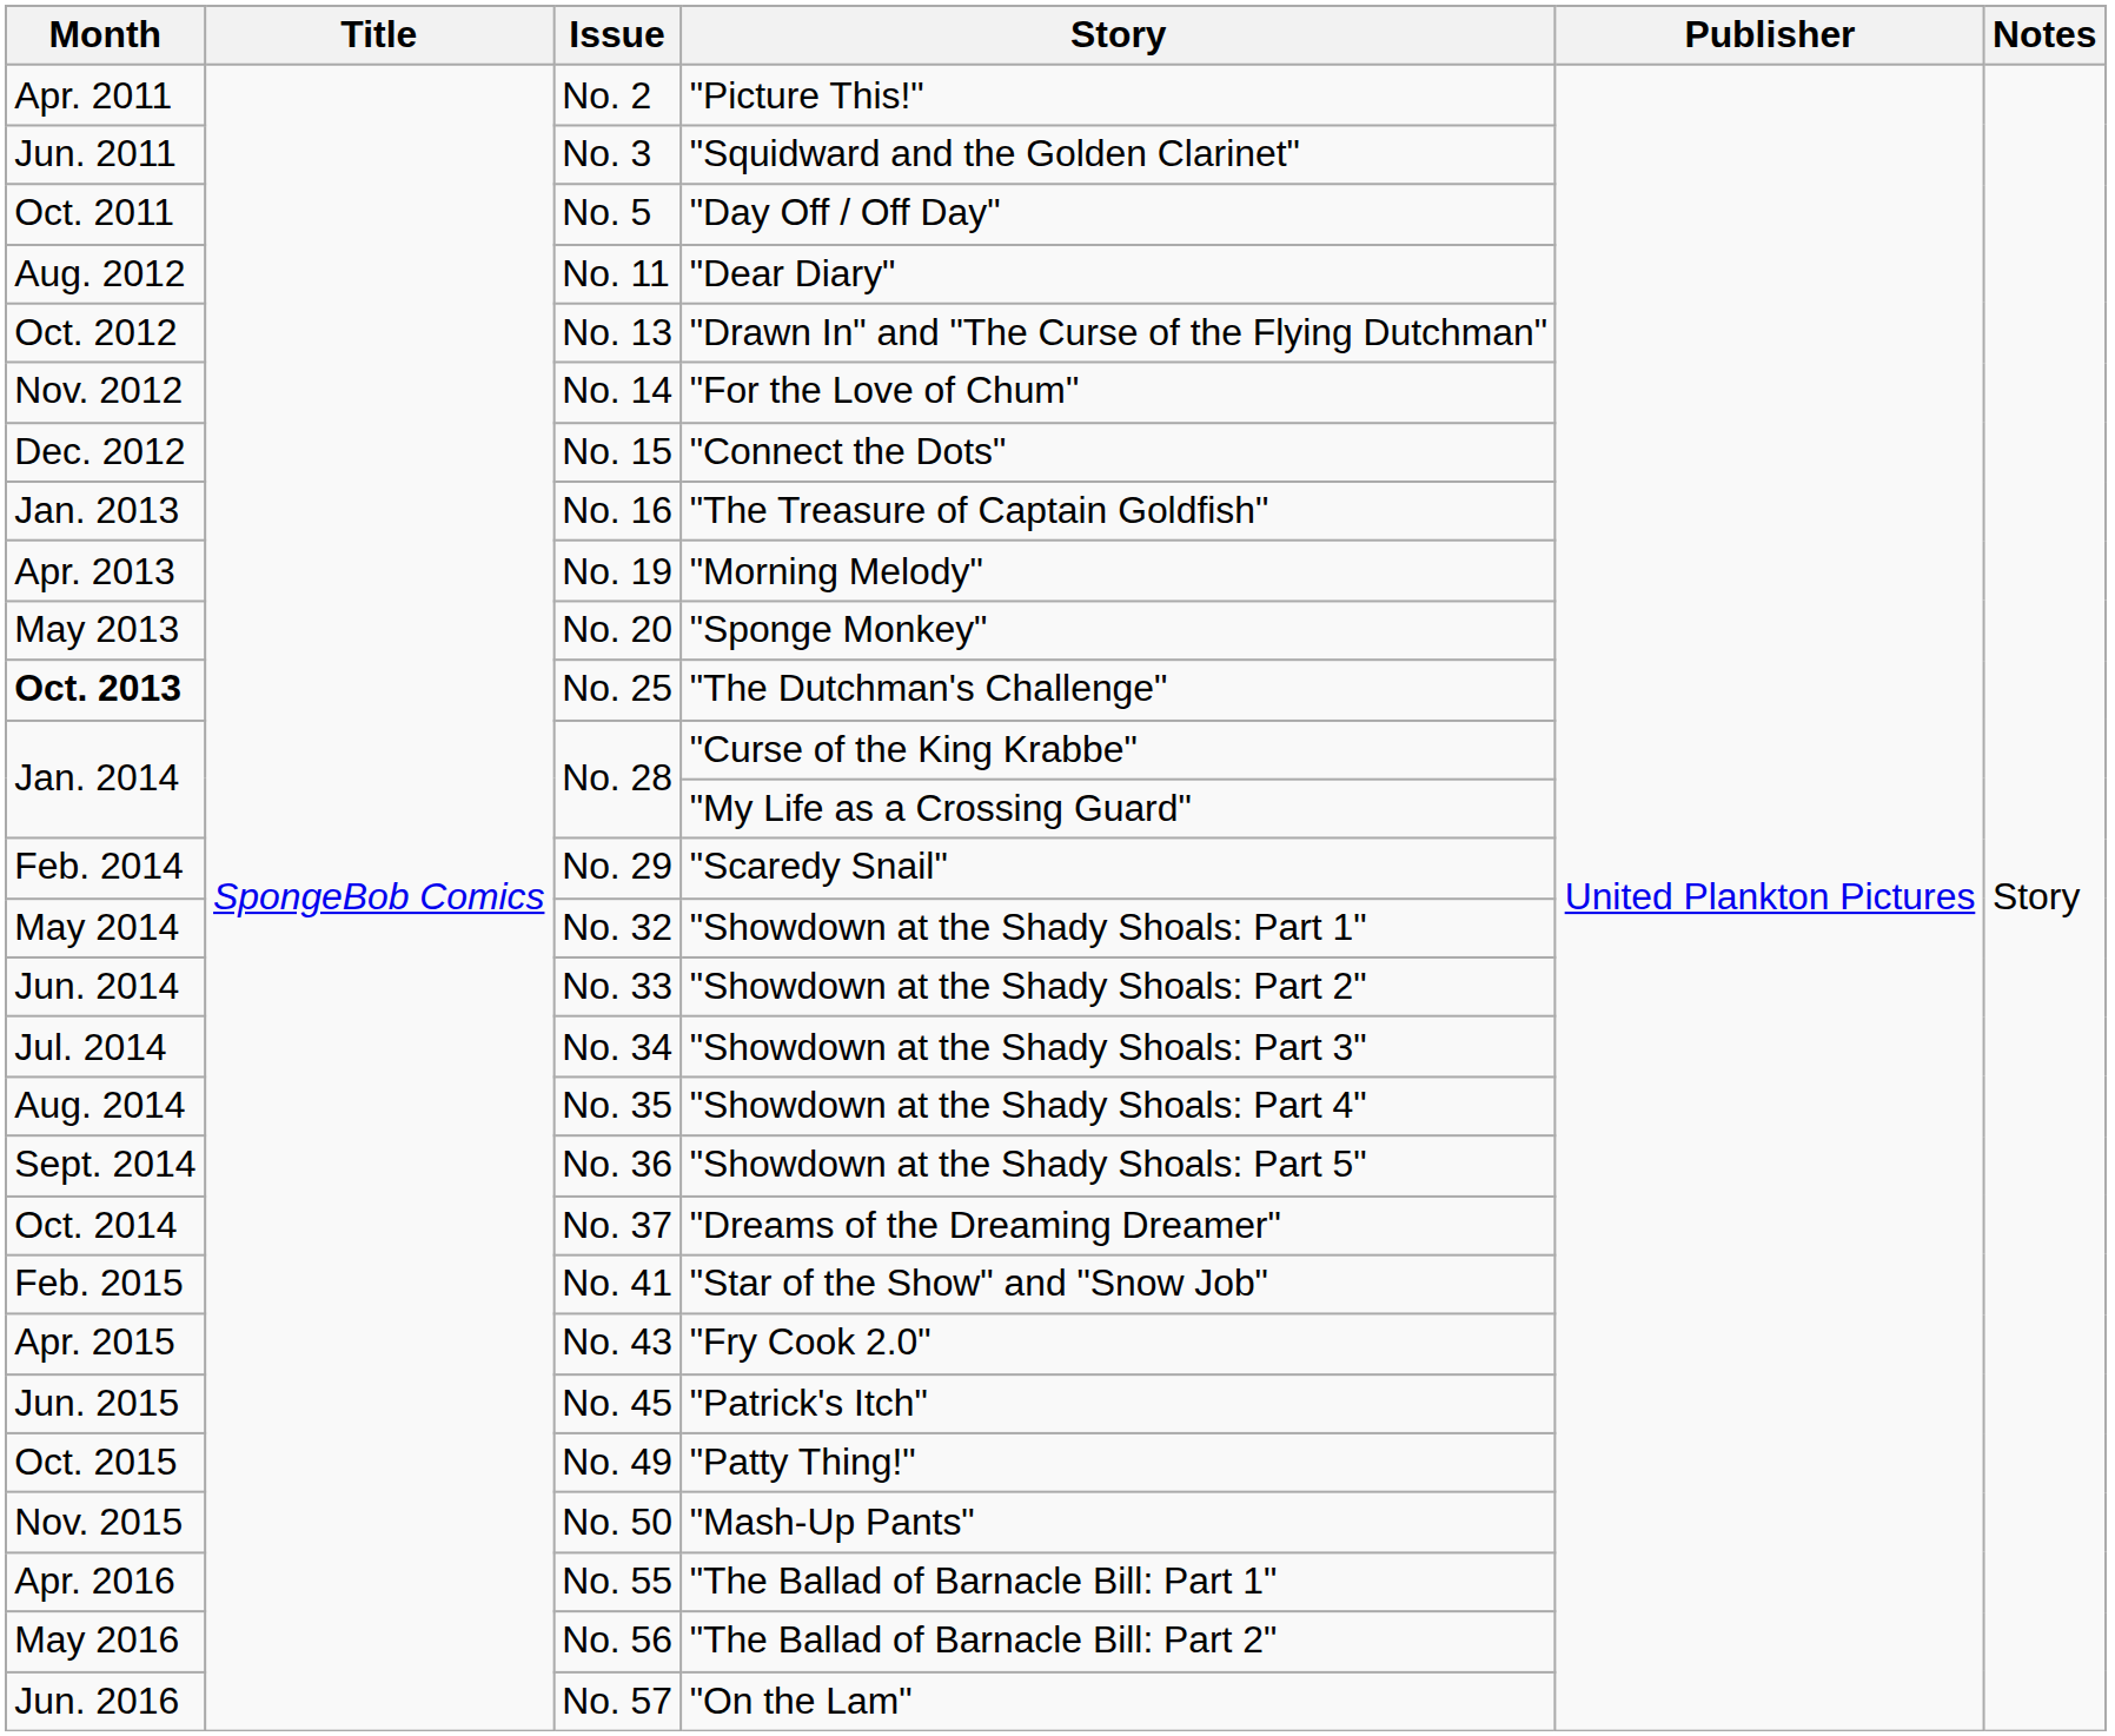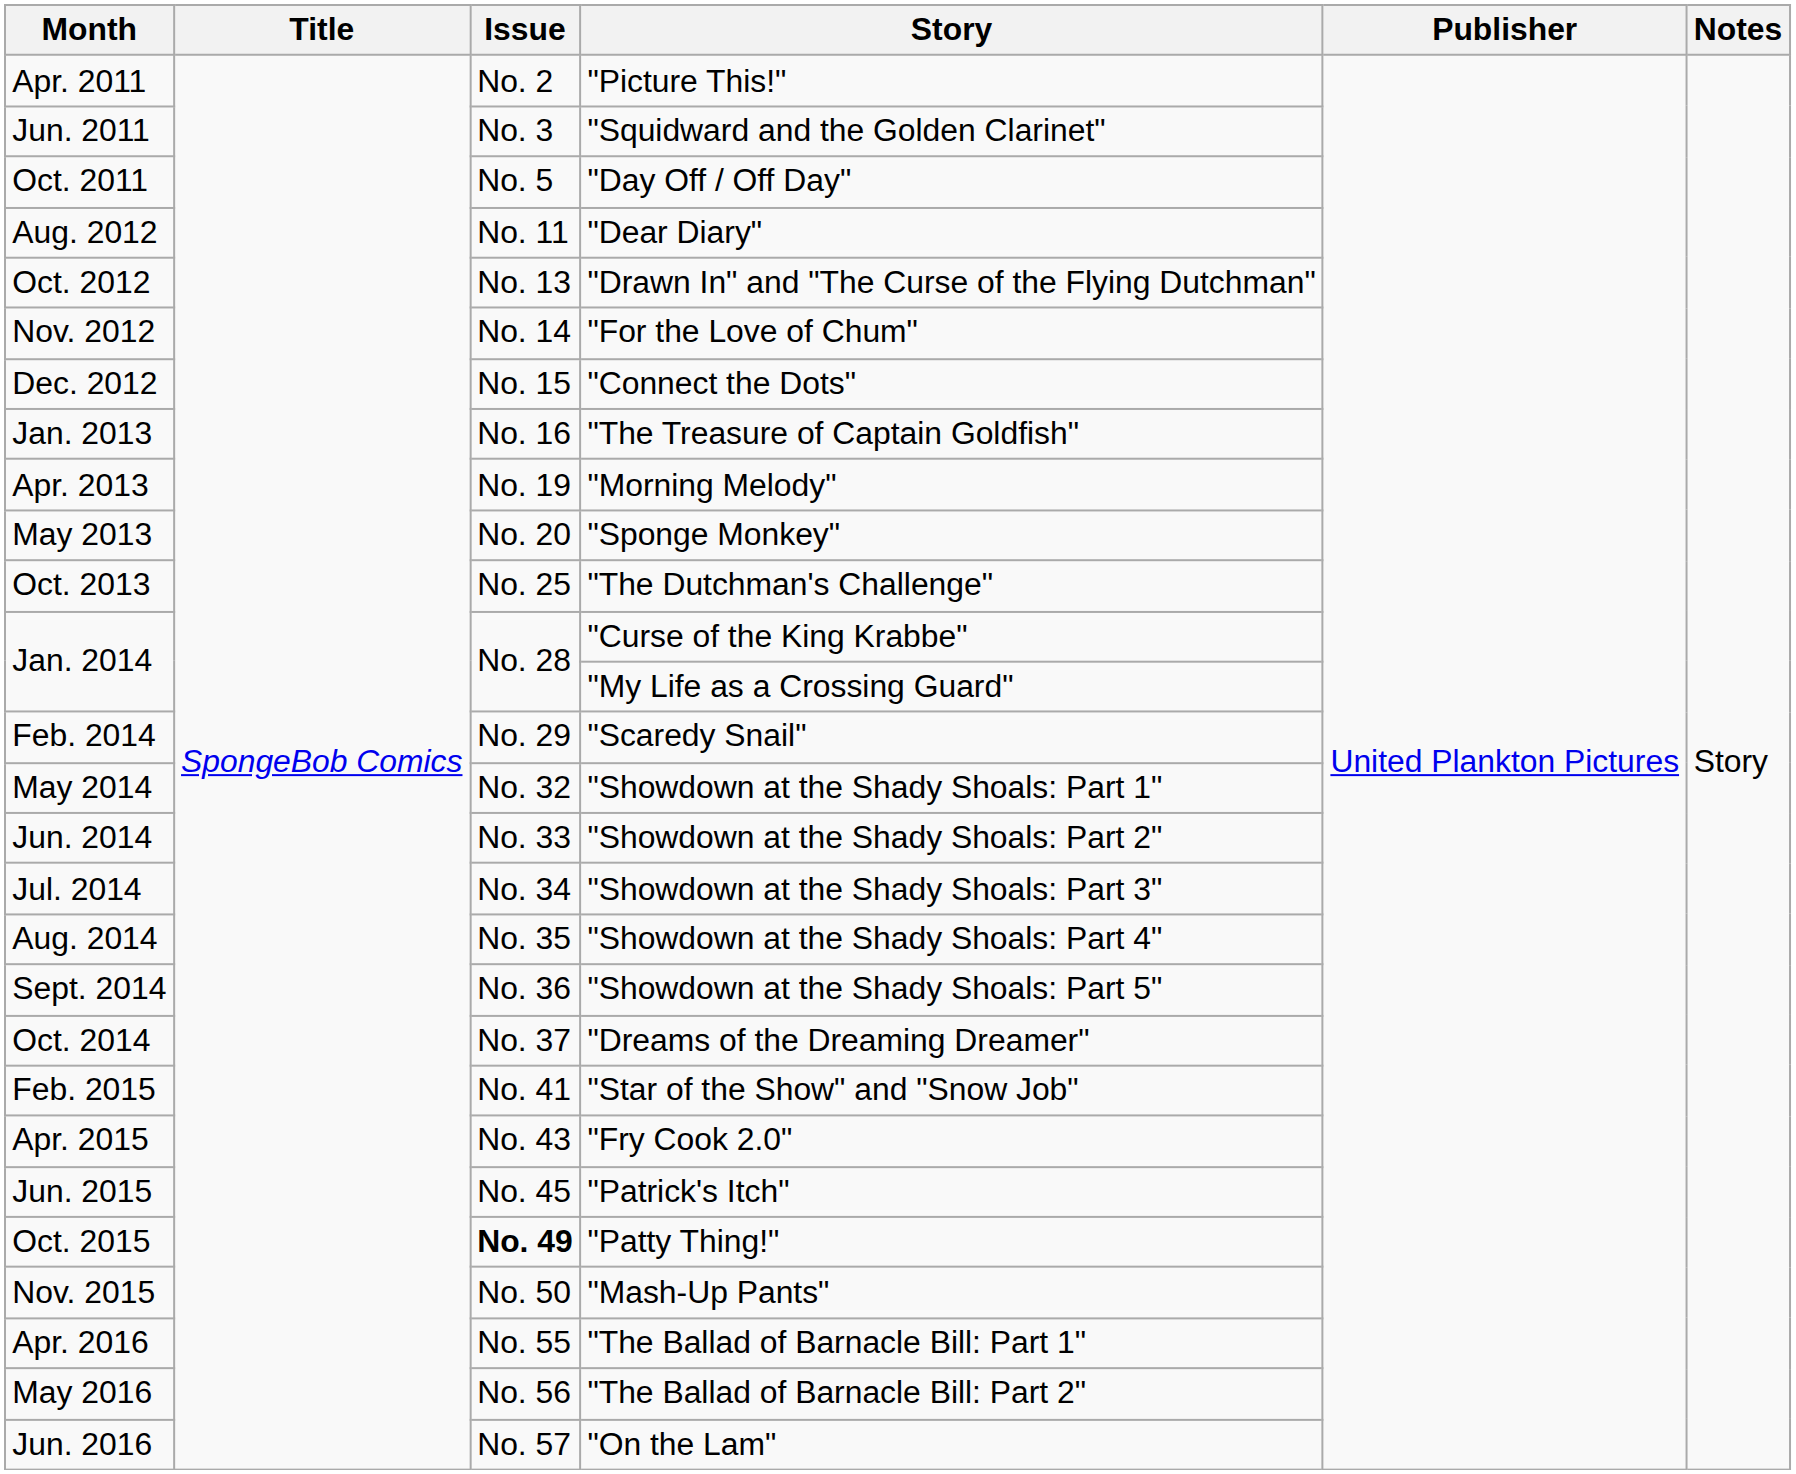 <table class="wikitable sortable">
 <tr>
 <th>Month</th>
 <th>Title</th>
 <th>Issue</th>
 <th>Story</th>
 <th>Publisher</th>
 <th>Notes</th>
 </tr>
 <tr>
 <td>Apr. 2011</td>
 <td rowspan="28"><em><a href='#'>SpongeBob Comics</a></em></td>
 <td>No. 2</td>
 <td>"Picture This!"</td>
 <td rowspan="28"><a href='#'>United Plankton Pictures</a></td>
 <td rowspan="28">Story</td>
 </tr>
 <tr>
 <td>Jun. 2011</td>
 <td>No. 3</td>
 <td>"Squidward and the Golden Clarinet"</td>
 </tr>
 <tr>
 <td>Oct. 2011</td>
 <td>No. 5</td>
 <td>"Day Off / Off Day"</td>
 </tr>
 <tr>
 <td>Aug. 2012</td>
 <td>No. 11</td>
 <td>"Dear Diary"</td>
 </tr>
 <tr>
 <td>Oct. 2012</td>
 <td>No. 13</td>
 <td>"Drawn In" and "The Curse of the Flying Dutchman"</td>
 </tr>
 <tr>
 <td>Nov. 2012</td>
 <td>No. 14</td>
 <td>"For the Love of Chum"</td>
 </tr>
 <tr>
 <td>Dec. 2012</td>
 <td>No. 15</td>
 <td>"Connect the Dots"</td>
 </tr>
 <tr>
 <td>Jan. 2013</td>
 <td>No. 16</td>
 <td>"The Treasure of Captain Goldfish"</td>
 </tr>
 <tr>
 <td>Apr. 2013</td>
 <td>No. 19</td>
 <td>"Morning Melody"</td>
 </tr>
 <tr>
 <td>May 2013</td>
 <td>No. 20</td>
 <td>"Sponge Monkey"</td>
 </tr>
 <tr>
-<td><strong>Oct. 2013</strong></td>
+<td>Oct. 2013</td>
 <td>No. 25</td>
 <td>"The Dutchman's Challenge"</td>
 </tr>
 <tr>
 <td rowspan="2">Jan. 2014</td>
 <td rowspan="2">No. 28</td>
 <td>"Curse of the King Krabbe"</td>
 </tr>
 <tr>
 <td>"My Life as a Crossing Guard"</td>
 </tr>
 <tr>
 <td>Feb. 2014</td>
 <td>No. 29</td>
 <td>"Scaredy Snail"</td>
 </tr>
 <tr>
 <td>May 2014</td>
 <td>No. 32</td>
 <td>"Showdown at the Shady Shoals: Part 1"</td>
 </tr>
 <tr>
 <td>Jun. 2014</td>
 <td>No. 33</td>
 <td>"Showdown at the Shady Shoals: Part 2"</td>
 </tr>
 <tr>
 <td>Jul. 2014</td>
 <td>No. 34</td>
 <td>"Showdown at the Shady Shoals: Part 3"</td>
 </tr>
 <tr>
 <td>Aug. 2014</td>
 <td>No. 35</td>
 <td>"Showdown at the Shady Shoals: Part 4"</td>
 </tr>
 <tr>
 <td>Sept. 2014</td>
 <td>No. 36</td>
 <td>"Showdown at the Shady Shoals: Part 5"</td>
 </tr>
 <tr>
 <td>Oct. 2014</td>
 <td>No. 37</td>
 <td>"Dreams of the Dreaming Dreamer"</td>
 </tr>
 <tr>
 <td>Feb. 2015</td>
 <td>No. 41</td>
 <td>"Star of the Show" and "Snow Job"</td>
 </tr>
 <tr>
 <td>Apr. 2015</td>
 <td>No. 43</td>
 <td>"Fry Cook 2.0"</td>
 </tr>
 <tr>
 <td>Jun. 2015</td>
 <td>No. 45</td>
 <td>"Patrick's Itch"</td>
 </tr>
 <tr>
 <td>Oct. 2015</td>
-<td>No. 49</td>
+<td><strong>No. 49</strong></td>
 <td>"Patty Thing!"</td>
 </tr>
 <tr>
 <td>Nov. 2015</td>
 <td>No. 50</td>
 <td>"Mash-Up Pants"</td>
 </tr>
 <tr>
 <td>Apr. 2016</td>
 <td>No. 55</td>
 <td>"The Ballad of Barnacle Bill: Part 1"</td>
 </tr>
 <tr>
 <td>May 2016</td>
 <td>No. 56</td>
 <td>"The Ballad of Barnacle Bill: Part 2"</td>
 </tr>
 <tr>
 <td>Jun. 2016</td>
 <td>No. 57</td>
 <td>"On the Lam"</td>
 </tr>
 </table>
